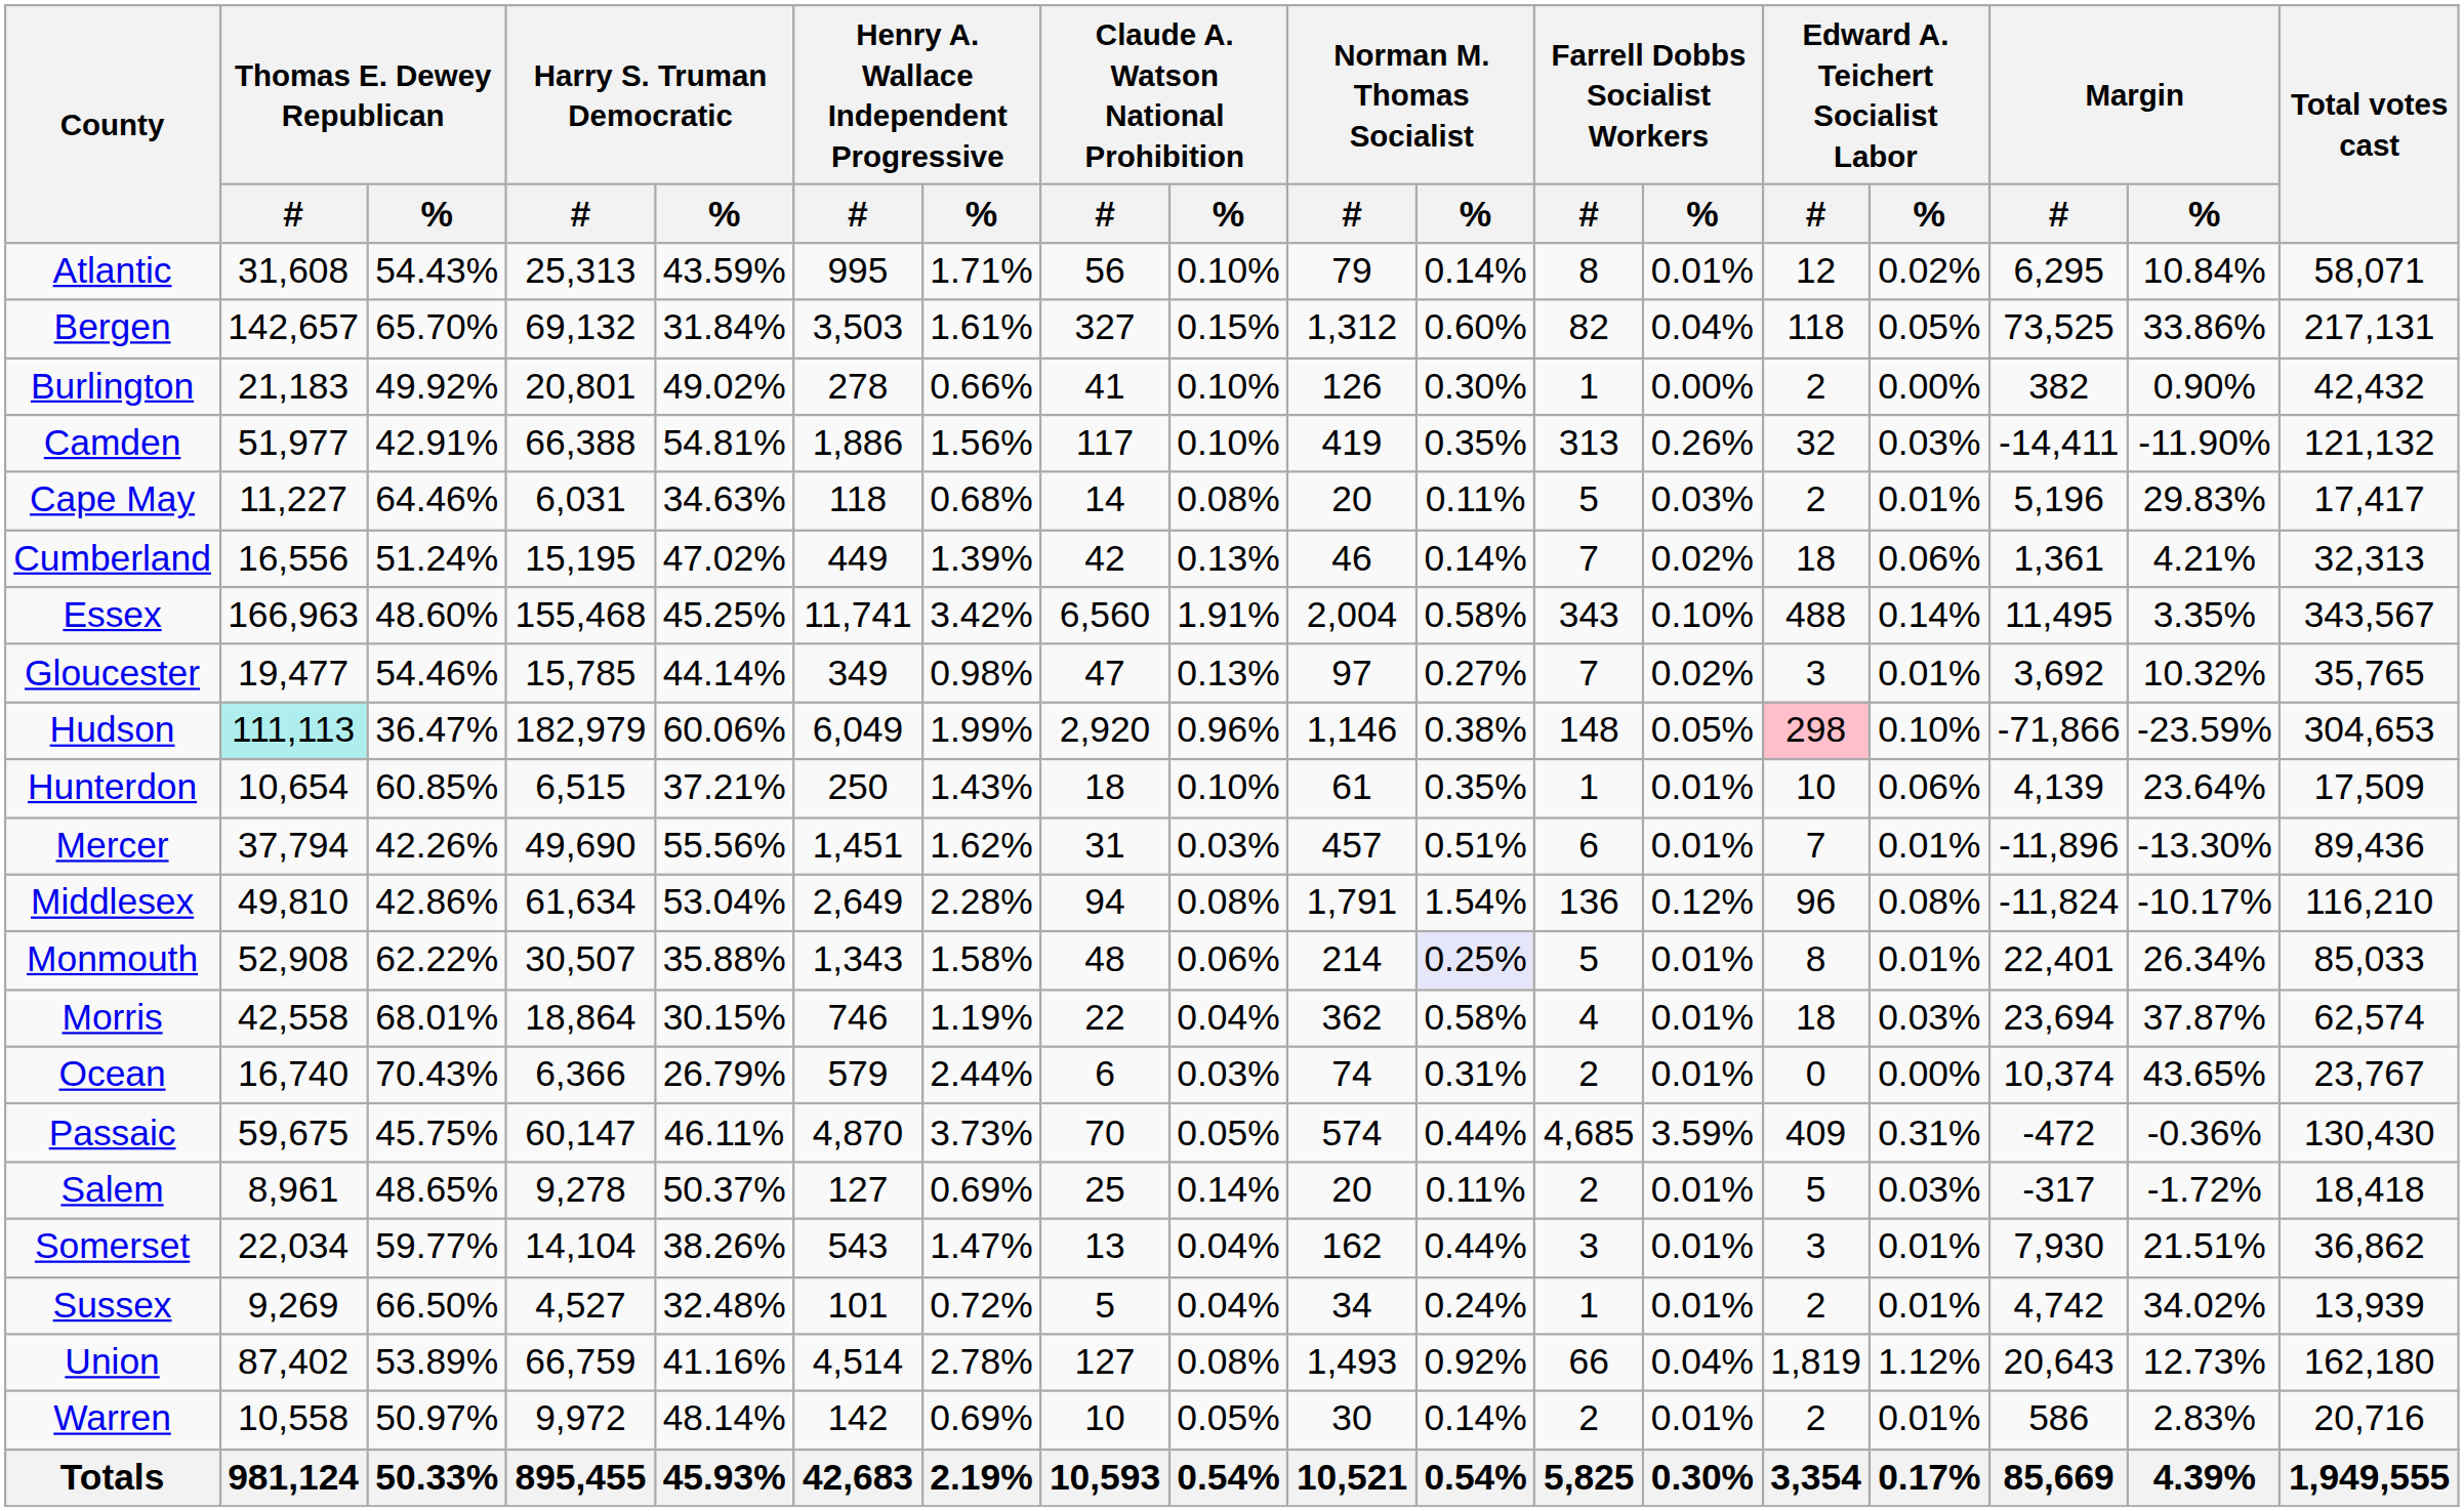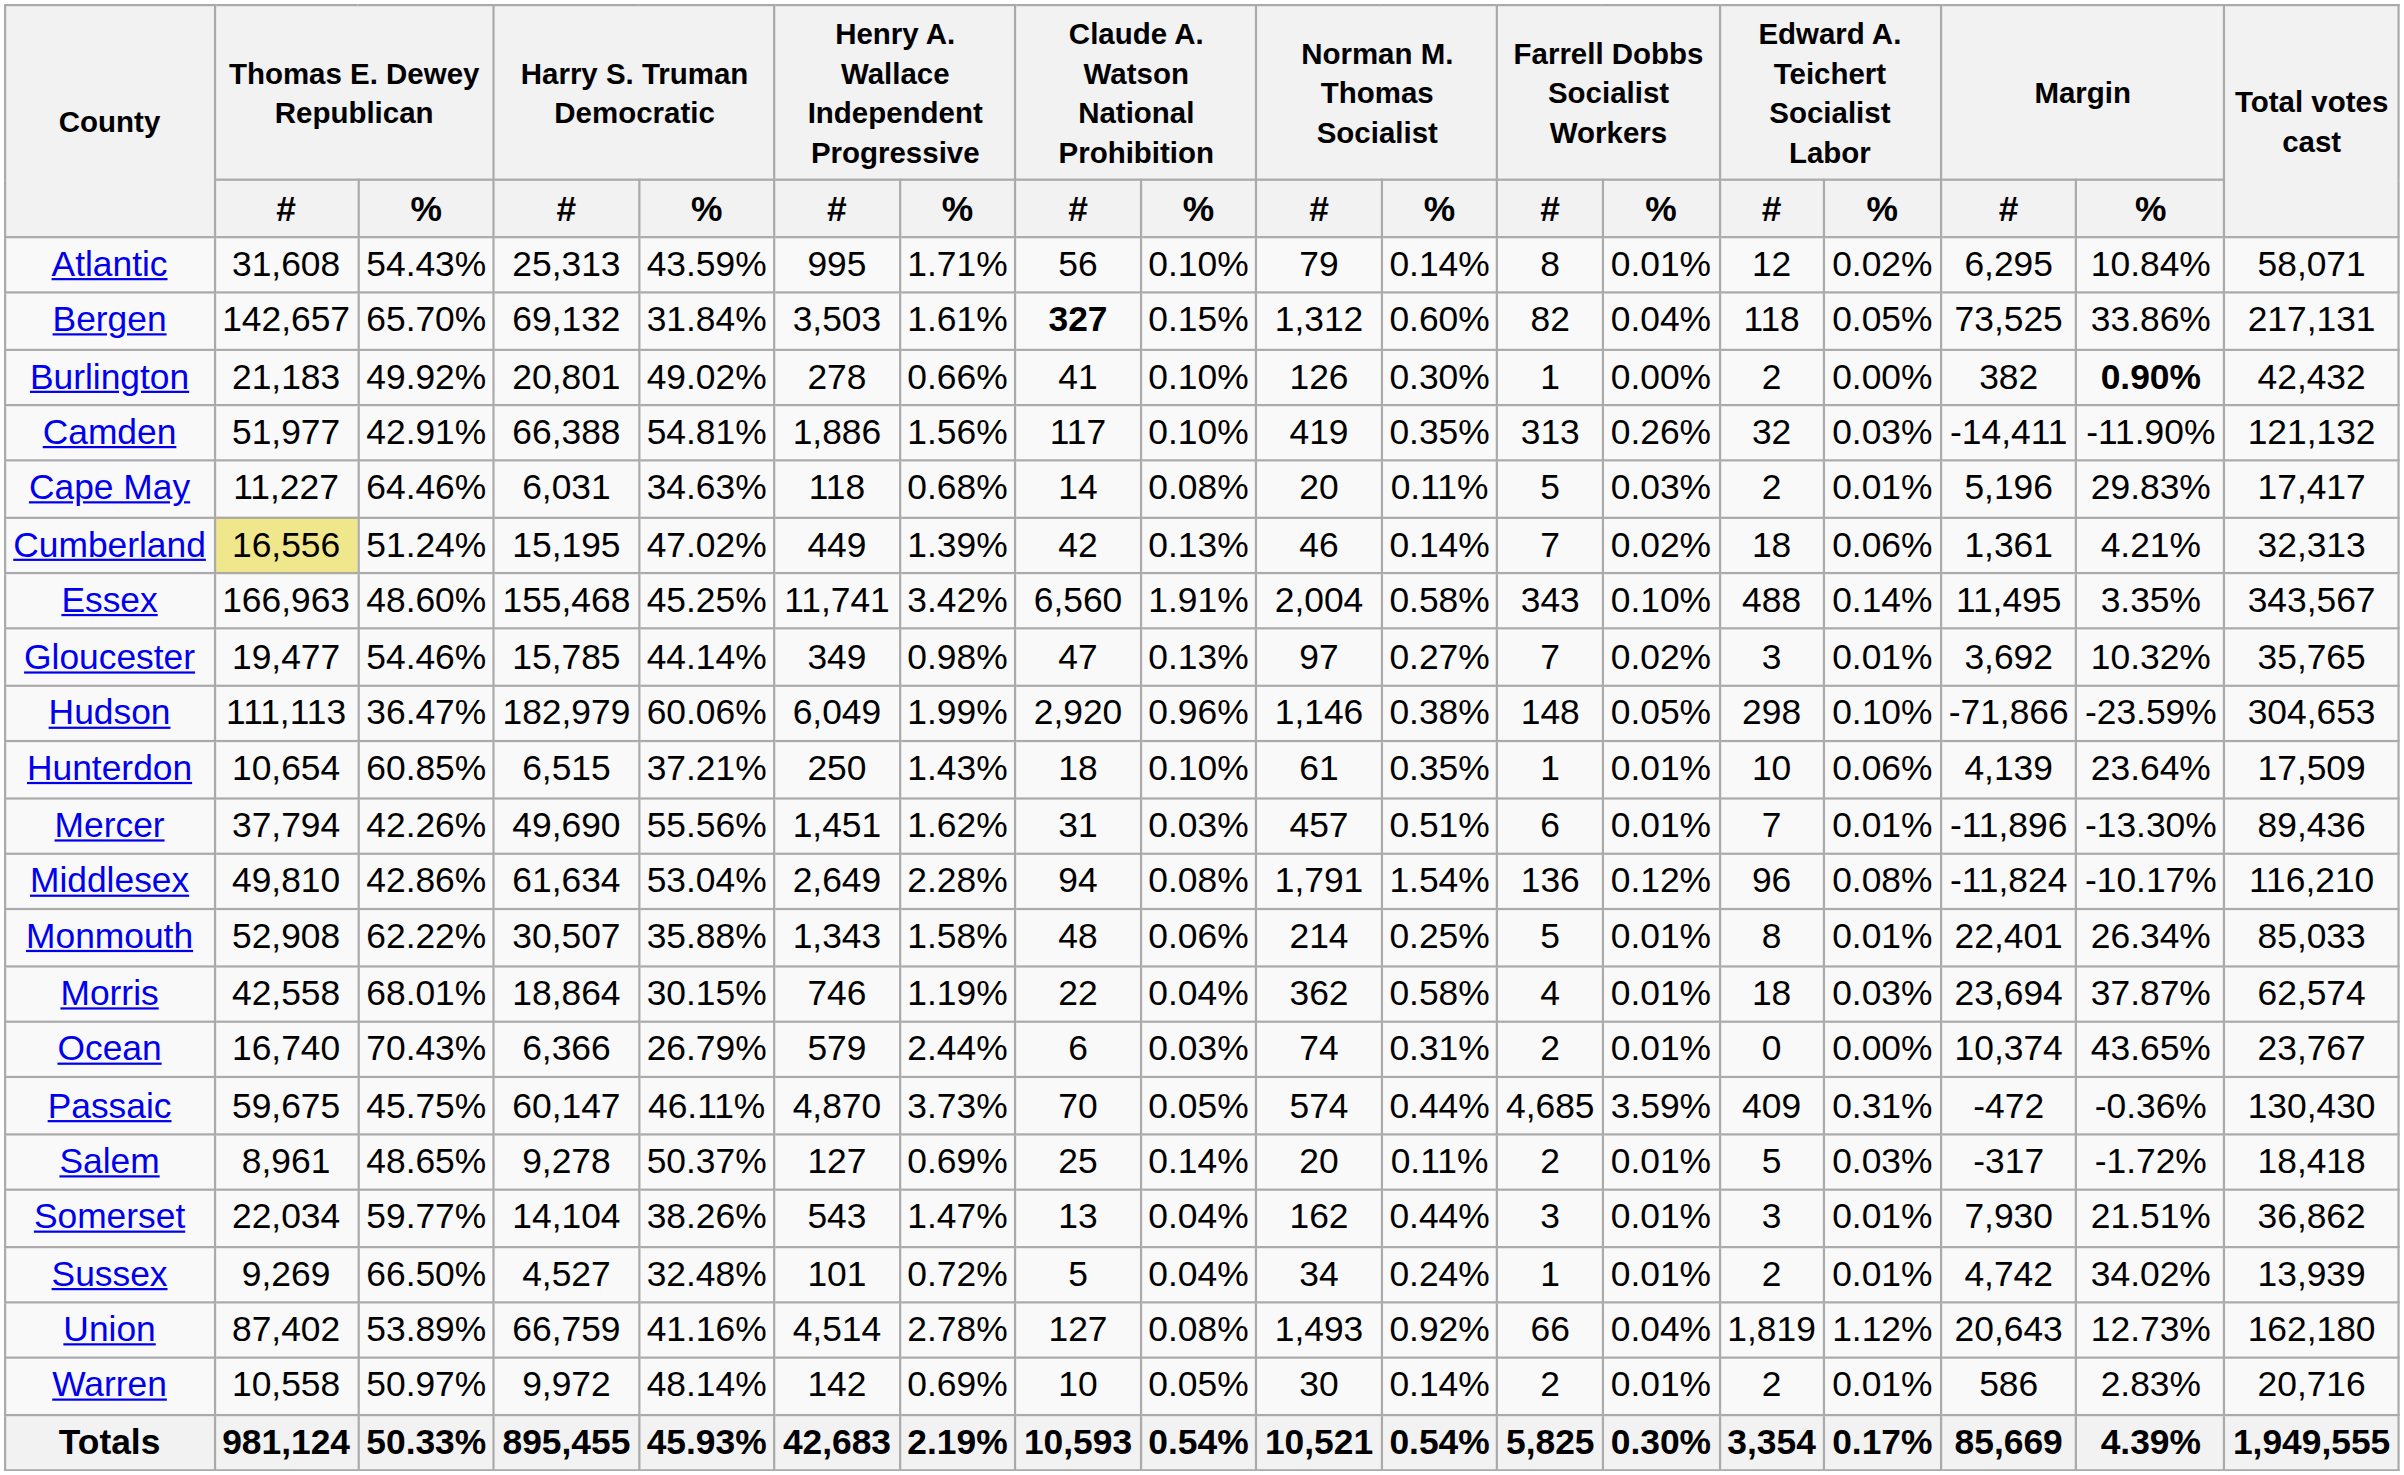 <table class="wikitable sortable">
 <tr>
 <th style="text-align:center;" rowspan="2"><small>County</small></th>
 <th style="text-align:center;" colspan="2"><small>Thomas E. Dewey</small><br><small>Republican</small></th>
 <th style="text-align:center;" colspan="2"><small>Harry S. Truman</small><br><small>Democratic</small></th>
 <th style="text-align:center;" colspan="2"><small>Henry A. Wallace</small><br><small>Independent Progressive</small></th>
 <th style="text-align:center;" colspan="2"><small>Claude A. Watson</small><br><small>National Prohibition</small></th>
 <th style="text-align:center;" colspan="2"><small>Norman M. Thomas</small><br><small>Socialist</small></th>
 <th style="text-align:center;" colspan="2"><small>Farrell Dobbs</small><br><small>Socialist Workers</small></th>
 <th style="text-align:center;" colspan="2"><small>Edward A. Teichert</small><br><small>Socialist Labor</small></th>
 <th style="text-align:center;" colspan="2"><small>Margin</small></th>
 <th style="text-align:center;" rowspan="2"><small>Total votes cast</small></th>
 </tr>
 <tr>
 <th data-sort-type="number">#</th>
 <th data-sort-type="number">%</th>
 <th data-sort-type="number">#</th>
 <th data-sort-type="number">%</th>
 <th data-sort-type="number">#</th>
 <th data-sort-type="number">%</th>
 <th data-sort-type="number">#</th>
 <th data-sort-type="number">%</th>
 <th data-sort-type="number">#</th>
 <th data-sort-type="number">%</th>
 <th data-sort-type="number">#</th>
 <th data-sort-type="number">%</th>
 <th data-sort-type="number">#</th>
 <th data-sort-type="number">%</th>
 <th data-sort-type="number">#</th>
 <th data-sort-type="number">%</th>
 </tr>
 <tr style="text-align:center;">
 <td><a href='#'>Atlantic</a></td>
 <td>31,608</td>
 <td>54.43%</td>
 <td>25,313</td>
 <td>43.59%</td>
 <td>995</td>
 <td>1.71%</td>
 <td>56</td>
 <td>0.10%</td>
 <td>79</td>
 <td>0.14%</td>
 <td>8</td>
 <td>0.01%</td>
 <td>12</td>
 <td>0.02%</td>
 <td>6,295</td>
 <td>10.84%</td>
 <td>58,071</td>
 </tr>
 <tr style="text-align:center;">
 <td><a href='#'>Bergen</a></td>
 <td>142,657</td>
 <td>65.70%</td>
 <td>69,132</td>
 <td>31.84%</td>
 <td>3,503</td>
 <td>1.61%</td>
-<td>327</td>
+<td><strong>327</strong></td>
 <td>0.15%</td>
 <td>1,312</td>
 <td>0.60%</td>
 <td>82</td>
 <td>0.04%</td>
 <td>118</td>
 <td>0.05%</td>
 <td>73,525</td>
 <td>33.86%</td>
 <td>217,131</td>
 </tr>
 <tr style="text-align:center;">
 <td><a href='#'>Burlington</a></td>
 <td>21,183</td>
 <td>49.92%</td>
 <td>20,801</td>
 <td>49.02%</td>
 <td>278</td>
 <td>0.66%</td>
 <td>41</td>
 <td>0.10%</td>
 <td>126</td>
 <td>0.30%</td>
 <td>1</td>
 <td>0.00%</td>
 <td>2</td>
 <td>0.00%</td>
 <td>382</td>
-<td>0.90%</td>
+<td><strong>0.90%</strong></td>
 <td>42,432</td>
 </tr>
 <tr style="text-align:center;">
 <td><a href='#'>Camden</a></td>
 <td>51,977</td>
 <td>42.91%</td>
 <td>66,388</td>
 <td>54.81%</td>
 <td>1,886</td>
 <td>1.56%</td>
 <td>117</td>
 <td>0.10%</td>
 <td>419</td>
 <td>0.35%</td>
 <td>313</td>
 <td>0.26%</td>
 <td>32</td>
 <td>0.03%</td>
 <td>-14,411</td>
 <td>-11.90%</td>
 <td>121,132</td>
 </tr>
 <tr style="text-align:center;">
 <td><a href='#'>Cape May</a></td>
 <td>11,227</td>
 <td>64.46%</td>
 <td>6,031</td>
 <td>34.63%</td>
 <td>118</td>
 <td>0.68%</td>
 <td>14</td>
 <td>0.08%</td>
 <td>20</td>
 <td>0.11%</td>
 <td>5</td>
 <td>0.03%</td>
 <td>2</td>
 <td>0.01%</td>
 <td>5,196</td>
 <td>29.83%</td>
 <td>17,417</td>
 </tr>
 <tr style="text-align:center;">
 <td><a href='#'>Cumberland</a></td>
-<td>16,556</td>
+<td style="background: khaki;">16,556</td>
 <td>51.24%</td>
 <td>15,195</td>
 <td>47.02%</td>
 <td>449</td>
 <td>1.39%</td>
 <td>42</td>
 <td>0.13%</td>
 <td>46</td>
 <td>0.14%</td>
 <td>7</td>
 <td>0.02%</td>
 <td>18</td>
 <td>0.06%</td>
 <td>1,361</td>
 <td>4.21%</td>
 <td>32,313</td>
 </tr>
 <tr style="text-align:center;">
 <td><a href='#'>Essex</a></td>
 <td>166,963</td>
 <td>48.60%</td>
 <td>155,468</td>
 <td>45.25%</td>
 <td>11,741</td>
 <td>3.42%</td>
 <td>6,560</td>
 <td>1.91%</td>
 <td>2,004</td>
 <td>0.58%</td>
 <td>343</td>
 <td>0.10%</td>
 <td>488</td>
 <td>0.14%</td>
 <td>11,495</td>
 <td>3.35%</td>
 <td>343,567</td>
 </tr>
 <tr style="text-align:center;">
 <td><a href='#'>Gloucester</a></td>
 <td>19,477</td>
 <td>54.46%</td>
 <td>15,785</td>
 <td>44.14%</td>
 <td>349</td>
 <td>0.98%</td>
 <td>47</td>
 <td>0.13%</td>
 <td>97</td>
 <td>0.27%</td>
 <td>7</td>
 <td>0.02%</td>
 <td>3</td>
 <td>0.01%</td>
 <td>3,692</td>
 <td>10.32%</td>
 <td>35,765</td>
 </tr>
 <tr style="text-align:center;">
 <td><a href='#'>Hudson</a></td>
-<td style="background: paleturquoise;">111,113</td>
+<td>111,113</td>
 <td>36.47%</td>
 <td>182,979</td>
 <td>60.06%</td>
 <td>6,049</td>
 <td>1.99%</td>
 <td>2,920</td>
 <td>0.96%</td>
 <td>1,146</td>
 <td>0.38%</td>
 <td>148</td>
 <td>0.05%</td>
-<td style="background: pink;">298</td>
+<td>298</td>
 <td>0.10%</td>
 <td>-71,866</td>
 <td>-23.59%</td>
 <td>304,653</td>
 </tr>
 <tr style="text-align:center;">
 <td><a href='#'>Hunterdon</a></td>
 <td>10,654</td>
 <td>60.85%</td>
 <td>6,515</td>
 <td>37.21%</td>
 <td>250</td>
 <td>1.43%</td>
 <td>18</td>
 <td>0.10%</td>
 <td>61</td>
 <td>0.35%</td>
 <td>1</td>
 <td>0.01%</td>
 <td>10</td>
 <td>0.06%</td>
 <td>4,139</td>
 <td>23.64%</td>
 <td>17,509</td>
 </tr>
 <tr style="text-align:center;">
 <td><a href='#'>Mercer</a></td>
 <td>37,794</td>
 <td>42.26%</td>
 <td>49,690</td>
 <td>55.56%</td>
 <td>1,451</td>
 <td>1.62%</td>
 <td>31</td>
 <td>0.03%</td>
 <td>457</td>
 <td>0.51%</td>
 <td>6</td>
 <td>0.01%</td>
 <td>7</td>
 <td>0.01%</td>
 <td>-11,896</td>
 <td>-13.30%</td>
 <td>89,436</td>
 </tr>
 <tr style="text-align:center;">
 <td><a href='#'>Middlesex</a></td>
 <td>49,810</td>
 <td>42.86%</td>
 <td>61,634</td>
 <td>53.04%</td>
 <td>2,649</td>
 <td>2.28%</td>
 <td>94</td>
 <td>0.08%</td>
 <td>1,791</td>
 <td>1.54%</td>
 <td>136</td>
 <td>0.12%</td>
 <td>96</td>
 <td>0.08%</td>
 <td>-11,824</td>
 <td>-10.17%</td>
 <td>116,210</td>
 </tr>
 <tr style="text-align:center;">
 <td><a href='#'>Monmouth</a></td>
 <td>52,908</td>
 <td>62.22%</td>
 <td>30,507</td>
 <td>35.88%</td>
 <td>1,343</td>
 <td>1.58%</td>
 <td>48</td>
 <td>0.06%</td>
 <td>214</td>
-<td style="background: lavender;">0.25%</td>
+<td>0.25%</td>
 <td>5</td>
 <td>0.01%</td>
 <td>8</td>
 <td>0.01%</td>
 <td>22,401</td>
 <td>26.34%</td>
 <td>85,033</td>
 </tr>
 <tr style="text-align:center;">
 <td><a href='#'>Morris</a></td>
 <td>42,558</td>
 <td>68.01%</td>
 <td>18,864</td>
 <td>30.15%</td>
 <td>746</td>
 <td>1.19%</td>
 <td>22</td>
 <td>0.04%</td>
 <td>362</td>
 <td>0.58%</td>
 <td>4</td>
 <td>0.01%</td>
 <td>18</td>
 <td>0.03%</td>
 <td>23,694</td>
 <td>37.87%</td>
 <td>62,574</td>
 </tr>
 <tr style="text-align:center;">
 <td><a href='#'>Ocean</a></td>
 <td>16,740</td>
 <td>70.43%</td>
 <td>6,366</td>
 <td>26.79%</td>
 <td>579</td>
 <td>2.44%</td>
 <td>6</td>
 <td>0.03%</td>
 <td>74</td>
 <td>0.31%</td>
 <td>2</td>
 <td>0.01%</td>
 <td>0</td>
 <td>0.00%</td>
 <td>10,374</td>
 <td>43.65%</td>
 <td>23,767</td>
 </tr>
 <tr style="text-align:center;">
 <td><a href='#'>Passaic</a></td>
 <td>59,675</td>
 <td>45.75%</td>
 <td>60,147</td>
 <td>46.11%</td>
 <td>4,870</td>
 <td>3.73%</td>
 <td>70</td>
 <td>0.05%</td>
 <td>574</td>
 <td>0.44%</td>
 <td>4,685</td>
 <td>3.59%</td>
 <td>409</td>
 <td>0.31%</td>
 <td>-472</td>
 <td>-0.36%</td>
 <td>130,430</td>
 </tr>
 <tr style="text-align:center;">
 <td><a href='#'>Salem</a></td>
 <td>8,961</td>
 <td>48.65%</td>
 <td>9,278</td>
 <td>50.37%</td>
 <td>127</td>
 <td>0.69%</td>
 <td>25</td>
 <td>0.14%</td>
 <td>20</td>
 <td>0.11%</td>
 <td>2</td>
 <td>0.01%</td>
 <td>5</td>
 <td>0.03%</td>
 <td>-317</td>
 <td>-1.72%</td>
 <td>18,418</td>
 </tr>
 <tr style="text-align:center;">
 <td><a href='#'>Somerset</a></td>
 <td>22,034</td>
 <td>59.77%</td>
 <td>14,104</td>
 <td>38.26%</td>
 <td>543</td>
 <td>1.47%</td>
 <td>13</td>
 <td>0.04%</td>
 <td>162</td>
 <td>0.44%</td>
 <td>3</td>
 <td>0.01%</td>
 <td>3</td>
 <td>0.01%</td>
 <td>7,930</td>
 <td>21.51%</td>
 <td>36,862</td>
 </tr>
 <tr style="text-align:center;">
 <td><a href='#'>Sussex</a></td>
 <td>9,269</td>
 <td>66.50%</td>
 <td>4,527</td>
 <td>32.48%</td>
 <td>101</td>
 <td>0.72%</td>
 <td>5</td>
 <td>0.04%</td>
 <td>34</td>
 <td>0.24%</td>
 <td>1</td>
 <td>0.01%</td>
 <td>2</td>
 <td>0.01%</td>
 <td>4,742</td>
 <td>34.02%</td>
 <td>13,939</td>
 </tr>
 <tr style="text-align:center;">
 <td><a href='#'>Union</a></td>
 <td>87,402</td>
 <td>53.89%</td>
 <td>66,759</td>
 <td>41.16%</td>
 <td>4,514</td>
 <td>2.78%</td>
 <td>127</td>
 <td>0.08%</td>
 <td>1,493</td>
 <td>0.92%</td>
 <td>66</td>
 <td>0.04%</td>
 <td>1,819</td>
 <td>1.12%</td>
 <td>20,643</td>
 <td>12.73%</td>
 <td>162,180</td>
 </tr>
 <tr style="text-align:center;">
 <td><a href='#'>Warren</a></td>
 <td>10,558</td>
 <td>50.97%</td>
 <td>9,972</td>
 <td>48.14%</td>
 <td>142</td>
 <td>0.69%</td>
 <td>10</td>
 <td>0.05%</td>
 <td>30</td>
 <td>0.14%</td>
 <td>2</td>
 <td>0.01%</td>
 <td>2</td>
 <td>0.01%</td>
 <td>586</td>
 <td>2.83%</td>
 <td>20,716</td>
 </tr>
 <tr style="text-align:center;">
 <th>Totals</th>
 <th>981,124</th>
 <th>50.33%</th>
 <th>895,455</th>
 <th>45.93%</th>
 <th>42,683</th>
 <th>2.19%</th>
 <th>10,593</th>
 <th>0.54%</th>
 <th>10,521</th>
 <th>0.54%</th>
 <th>5,825</th>
 <th>0.30%</th>
 <th>3,354</th>
 <th>0.17%</th>
 <th>85,669</th>
 <th>4.39%</th>
 <th>1,949,555</th>
 </tr>
 </table>
